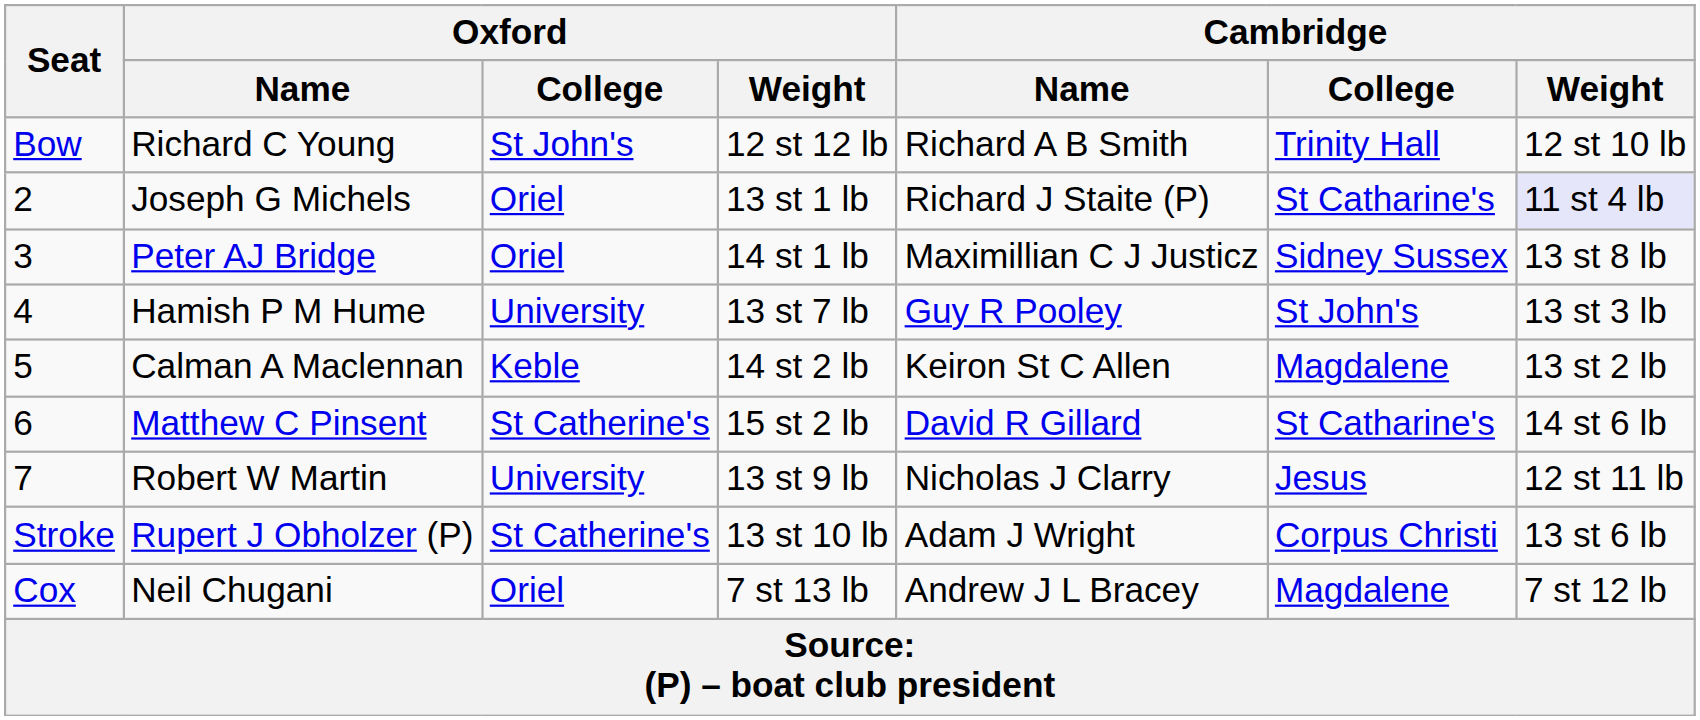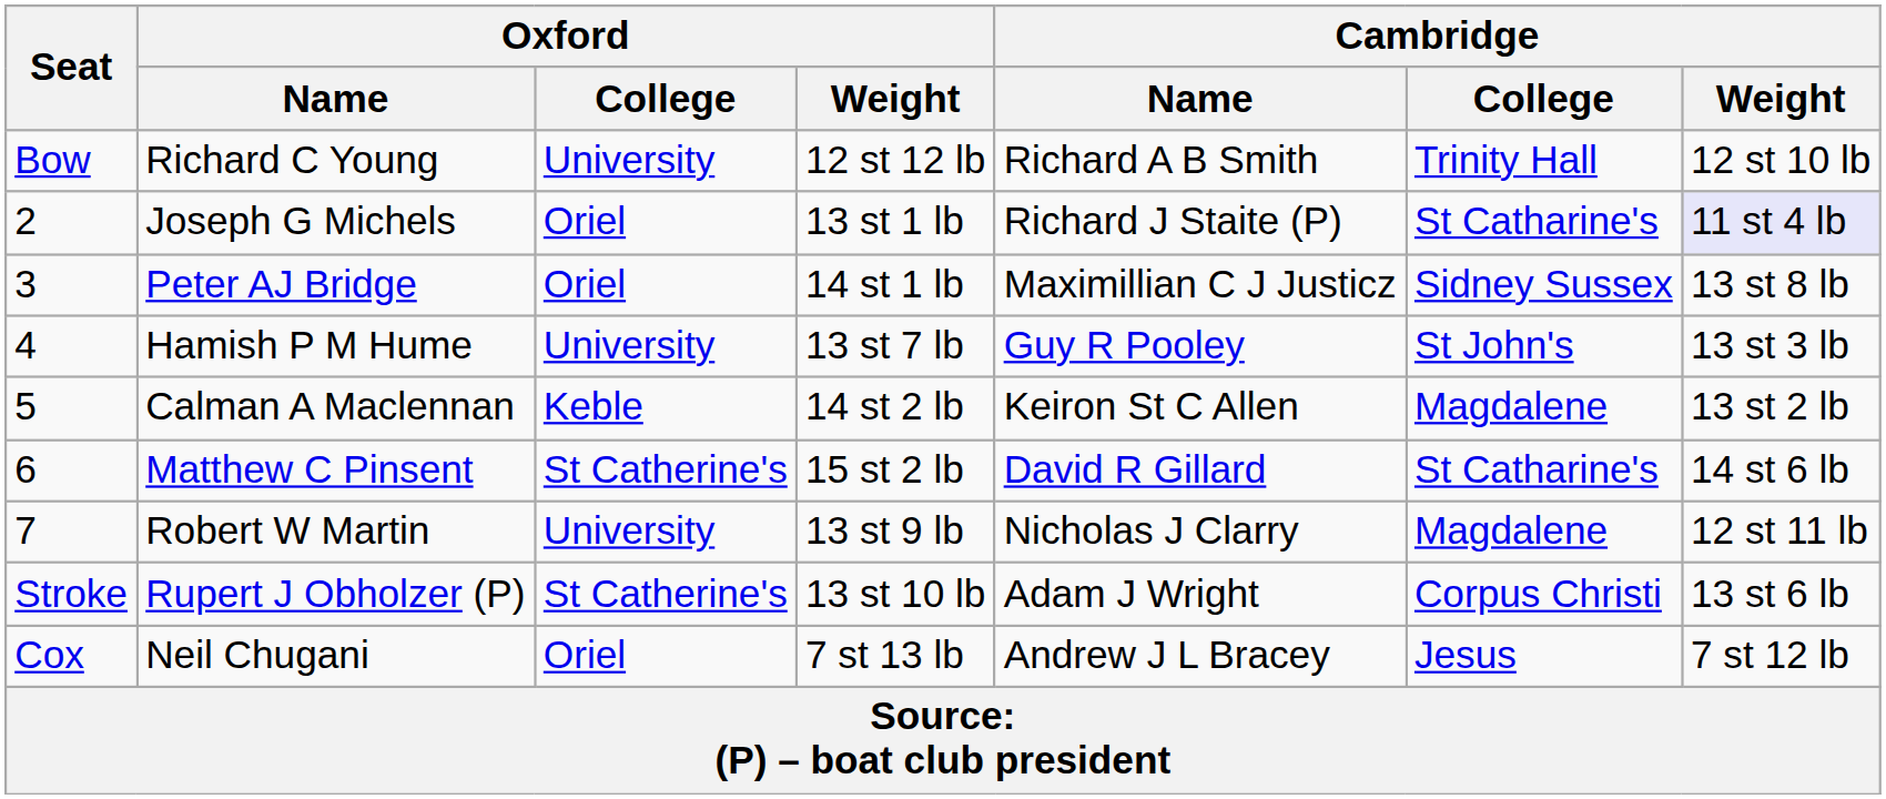 <table class="wikitable">
 <tr>
 <th rowspan="2" scope="col">Seat</th>
 <th colspan="3" scope="col">Oxford <br> </th>
 <th colspan="3" scope="col">Cambridge <br> </th>
 </tr>
 <tr>
 <th>Name</th>
 <th>College</th>
 <th>Weight</th>
 <th>Name</th>
 <th>College</th>
 <th>Weight</th>
 </tr>
 <tr>
 <td><a href='#'>Bow</a></td>
 <td>Richard C Young</td>
-<td><a href='#'>St John's</a></td>
+<td><a href='#'>University</a></td>
 <td>12 st 12 lb</td>
 <td>Richard A B Smith</td>
 <td><a href='#'>Trinity Hall</a></td>
 <td>12 st 10 lb</td>
 </tr>
 <tr>
 <td>2</td>
 <td>Joseph G Michels</td>
 <td><a href='#'>Oriel</a></td>
 <td>13 st 1 lb</td>
 <td>Richard J Staite (P)</td>
 <td><a href='#'>St Catharine's</a></td>
 <td style="background: lavender;">11 st 4 lb</td>
 </tr>
 <tr>
 <td>3</td>
 <td><a href='#'>Peter AJ Bridge</a></td>
 <td><a href='#'>Oriel</a></td>
 <td>14 st 1 lb</td>
 <td>Maximillian C J Justicz</td>
 <td><a href='#'>Sidney Sussex</a></td>
 <td>13 st 8 lb</td>
 </tr>
 <tr>
 <td>4</td>
 <td>Hamish P M Hume</td>
 <td><a href='#'>University</a></td>
 <td>13 st 7 lb</td>
 <td><a href='#'>Guy R Pooley</a></td>
 <td><a href='#'>St John's</a></td>
 <td>13 st 3 lb</td>
 </tr>
 <tr>
 <td>5</td>
 <td>Calman A Maclennan</td>
 <td><a href='#'>Keble</a></td>
 <td>14 st 2 lb</td>
 <td>Keiron St C Allen</td>
 <td><a href='#'>Magdalene</a></td>
 <td>13 st 2 lb</td>
 </tr>
 <tr>
 <td>6</td>
 <td><a href='#'>Matthew C Pinsent</a></td>
 <td><a href='#'>St Catherine's</a></td>
 <td>15 st 2 lb</td>
 <td><a href='#'>David R Gillard</a></td>
 <td><a href='#'>St Catharine's</a></td>
 <td>14 st 6 lb</td>
 </tr>
 <tr>
 <td>7</td>
 <td>Robert W Martin</td>
 <td><a href='#'>University</a></td>
 <td>13 st 9 lb</td>
 <td>Nicholas J Clarry</td>
-<td><a href='#'>Jesus</a></td>
+<td><a href='#'>Magdalene</a></td>
 <td>12 st 11 lb</td>
 </tr>
 <tr>
 <td><a href='#'>Stroke</a></td>
 <td><a href='#'>Rupert J Obholzer</a> (P)</td>
 <td><a href='#'>St Catherine's</a></td>
 <td>13 st 10 lb</td>
 <td>Adam J Wright</td>
 <td><a href='#'>Corpus Christi</a></td>
 <td>13 st 6 lb</td>
 </tr>
 <tr>
 <td><a href='#'>Cox</a></td>
 <td>Neil Chugani</td>
 <td><a href='#'>Oriel</a></td>
 <td>7 st 13 lb</td>
 <td>Andrew J L Bracey</td>
-<td><a href='#'>Magdalene</a></td>
+<td><a href='#'>Jesus</a></td>
 <td>7 st 12 lb</td>
 </tr>
 <tr>
 <th colspan="7">Source:<br>(P) – boat club president</th>
 </tr>
 </table>
